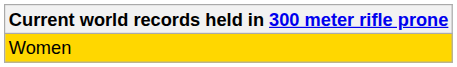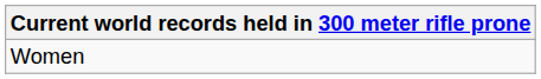 <table class="wikitable" style="font-size: 95%">
 <tr>
 <th colspan=7>Current world records held in <a href='#'>300 meter rifle prone</a></th>
 </tr>
 <tr>
-<td style="background: gold;">Women<br></td>
+<td>Women<br></td>
 </tr>
 </table>
